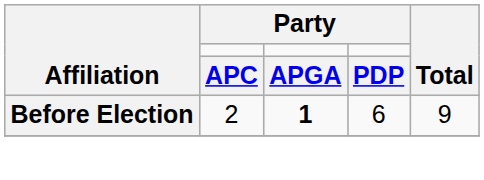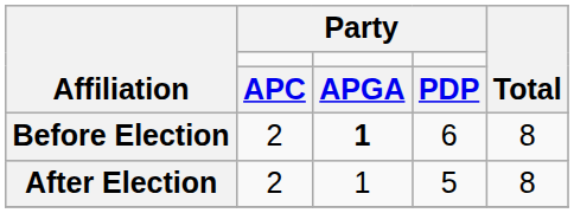 <table class=wikitable style="text-align:center">
 <tr style="vertical-align:bottom;">
 <th rowspan=3>Affiliation</th>
 <th colspan="3">Party</th>
 <th rowspan=3>Total</th>
 </tr>
 <tr>
 <td style="background-color:"></td>
 <td style="background-color:"></td>
 <td style="background-color:"></td>
 </tr>
 <tr>
 <th><a href='#'>APC</a></th>
 <th><a href='#'>APGA</a></th>
 <th><a href='#'>PDP</a></th>
 </tr>
 <tr>
 <th>Before Election</th>
 <td>2</td>
 <td><strong>1</strong></td>
 <td>6</td>
-<td>9</td>
+<td>8</td>
+</tr>
+<tr>
+<th>After Election</th>
+<td>2</td>
+<td>1</td>
+<td>5</td>
+<td>8</td>
 </tr>
 <tr>
 </tr>
 </table>
